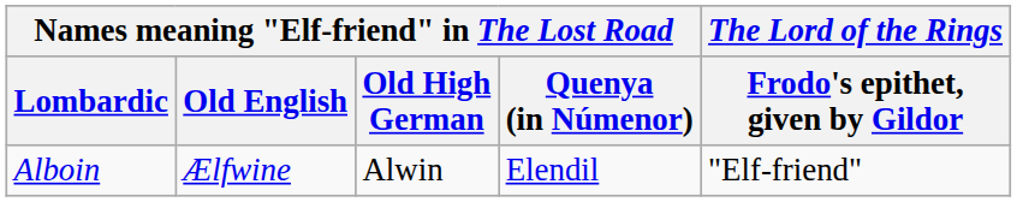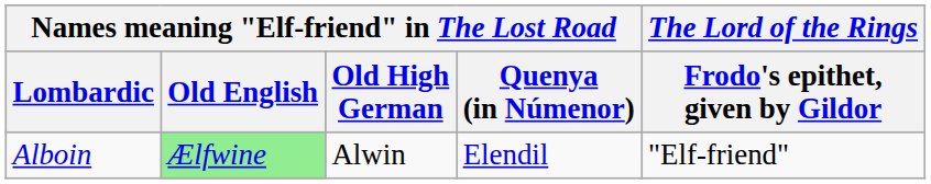 <table class="wikitable" style="margin: 1em auto;">
 <tr>
 <th colspan=4>Names meaning "Elf-friend" in <em><a href='#'>The Lost Road</a></em></th>
 <th><em><a href='#'>The Lord of the Rings</a></em></th>
 </tr>
 <tr>
 <th><a href='#'>Lombardic</a></th>
 <th><a href='#'>Old English</a></th>
 <th><a href='#'>Old High<br>German</a></th>
 <th><a href='#'>Quenya</a><br>(in <a href='#'>Númenor</a>)</th>
 <th><a href='#'>Frodo</a>'s epithet,<br>given by <a href='#'>Gildor</a></th>
 </tr>
 <tr>
 <td><em><a href='#'>Alboin</a></em></td>
-<td><em><a href='#'>Ælfwine</a></em></td>
+<td style="background: lightgreen;"><em><a href='#'>Ælfwine</a></em></td>
 <td>Alwin</td>
 <td><a href='#'>Elendil</a></td>
 <td>"Elf-friend"</td>
 </tr>
 </table>
